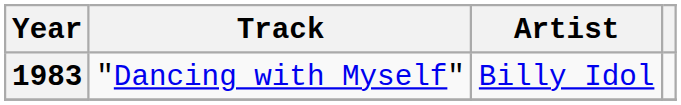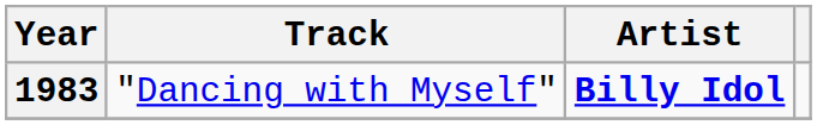 <table class="wikitable plainrowheaders" style="margin-right: 0;">
 <tr>
 <th scope="col">Year</th>
 <th scope="col">Track</th>
 <th scope="col">Artist</th>
 <th scope="col"></th>
 </tr>
 <tr>
 <th scope="row">1983</th>
 <td>"<a href='#'>Dancing with Myself</a>"</td>
-<td><a href='#'>Billy Idol</a></td>
+<td><strong><a href='#'>Billy Idol</a></strong></td>
 <td style="text-align:center;"></td>
 </tr>
 <tr>
 </tr>
 </table>
